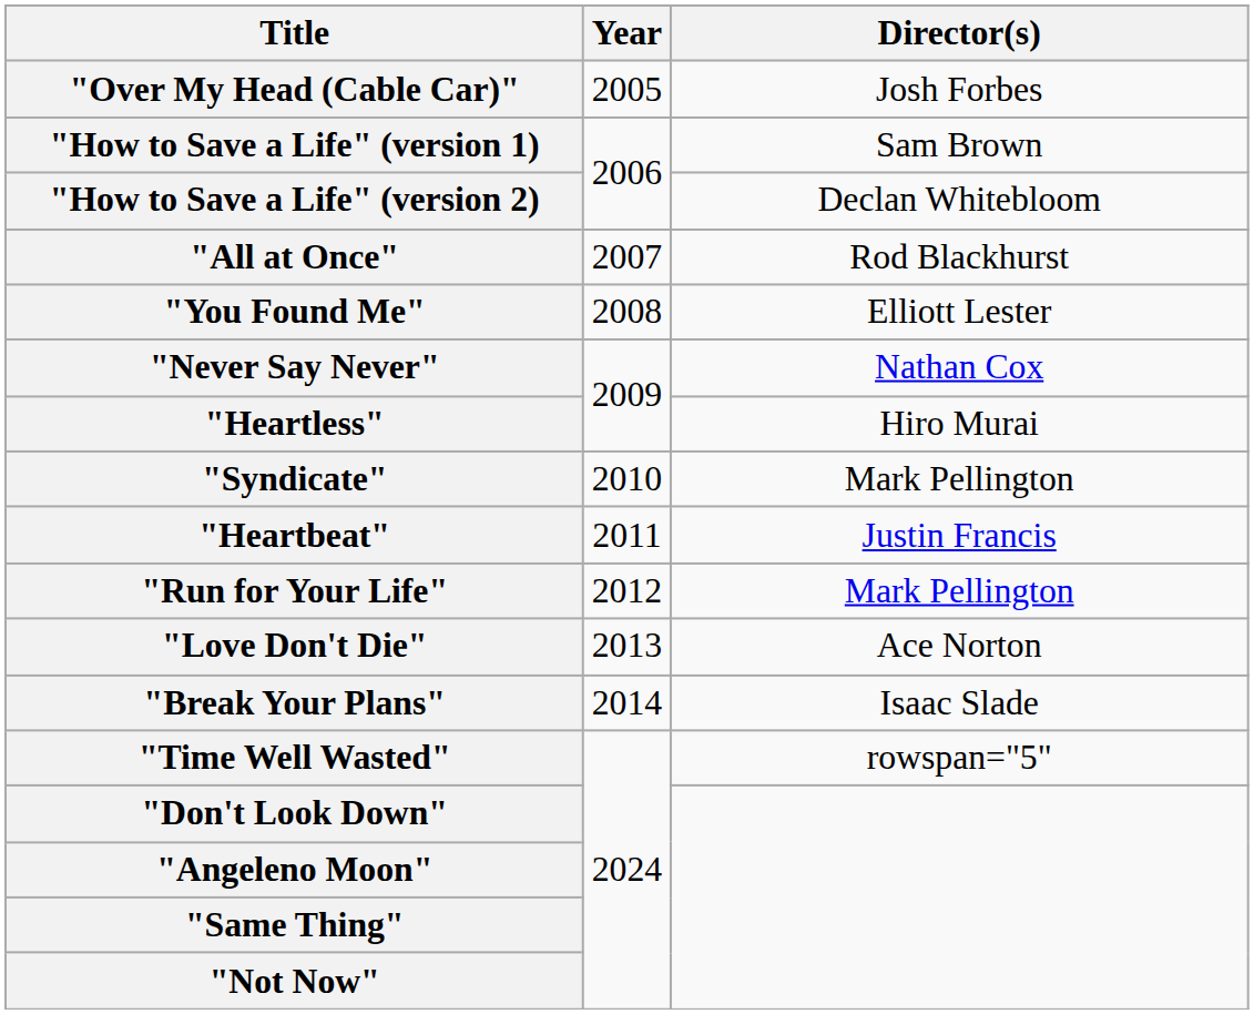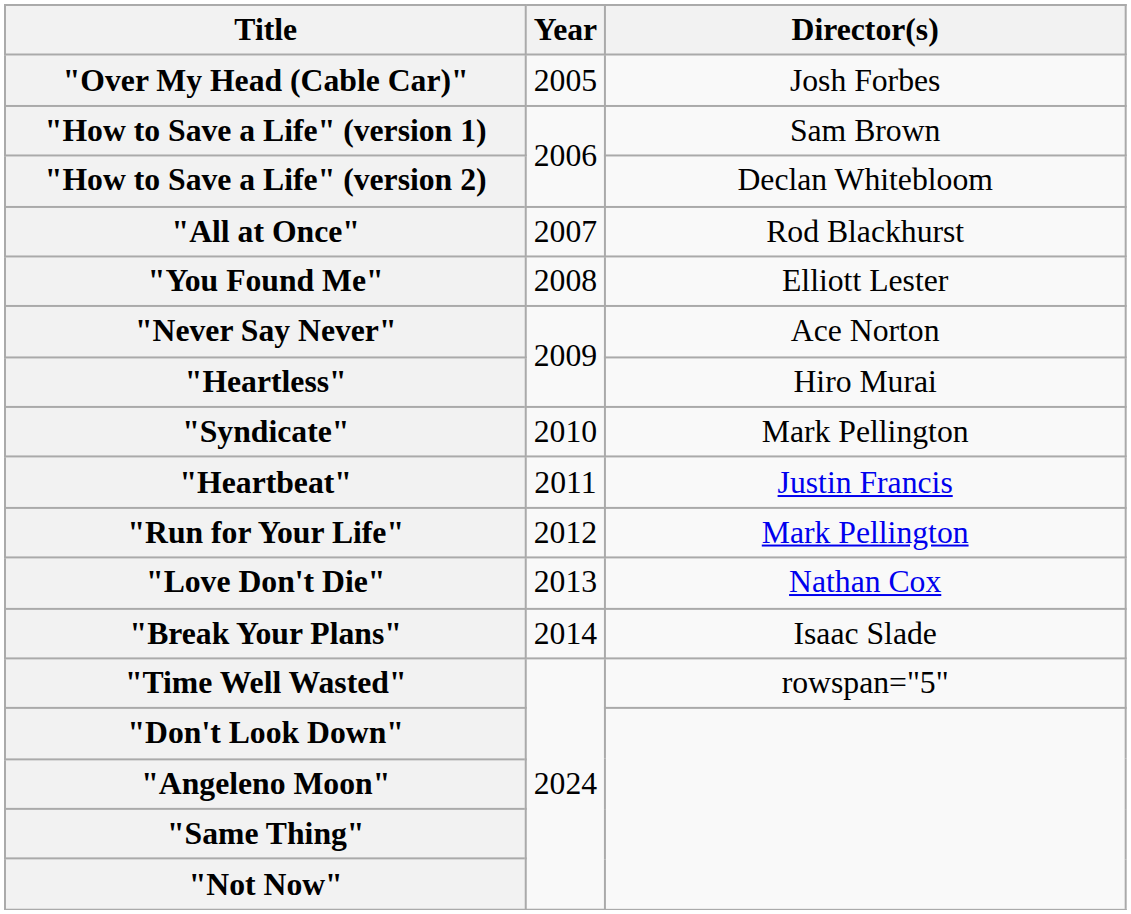 <table class="wikitable plainrowheaders" style="text-align:center;">
 <tr>
 <th scope="col" style="width:16em;">Title</th>
 <th scope="col">Year</th>
 <th scope="col" style="width:16em;">Director(s)</th>
 </tr>
 <tr>
 <th scope="row">"Over My Head (Cable Car)"</th>
 <td>2005</td>
 <td>Josh Forbes</td>
 </tr>
 <tr>
 <th scope="row">"How to Save a Life" (version 1)</th>
 <td rowspan="2">2006</td>
 <td>Sam Brown</td>
 </tr>
 <tr>
 <th scope="row">"How to Save a Life" (version 2)</th>
 <td>Declan Whitebloom</td>
 </tr>
 <tr>
 <th scope="row">"All at Once"</th>
 <td>2007</td>
 <td>Rod Blackhurst</td>
 </tr>
 <tr>
 <th scope="row">"You Found Me"</th>
 <td>2008</td>
 <td>Elliott Lester</td>
 </tr>
 <tr>
 <th scope="row">"Never Say Never"</th>
 <td rowspan="2">2009</td>
-<td><a href='#'>Nathan Cox</a></td>
+<td>Ace Norton</td>
 </tr>
 <tr>
 <th scope="row">"Heartless"</th>
 <td>Hiro Murai</td>
 </tr>
 <tr>
 <th scope="row">"Syndicate"</th>
 <td>2010</td>
 <td>Mark Pellington</td>
 </tr>
 <tr>
 <th scope="row">"Heartbeat"</th>
 <td>2011</td>
 <td><a href='#'>Justin Francis</a></td>
 </tr>
 <tr>
 <th scope="row">"Run for Your Life"</th>
 <td>2012</td>
 <td><a href='#'>Mark Pellington</a></td>
 </tr>
 <tr>
 <th scope="row">"Love Don't Die"</th>
 <td>2013</td>
-<td>Ace Norton</td>
+<td><a href='#'>Nathan Cox</a></td>
 </tr>
 <tr>
 <th scope="row">"Break Your Plans"</th>
 <td>2014</td>
 <td>Isaac Slade</td>
 </tr>
 <tr>
 <th scope="row">"Time Well Wasted"</th>
 <td rowspan="5">2024</td>
 <td>rowspan="5" </td>
 </tr>
 <tr>
 <th scope="row">"Don't Look Down"</th>
 </tr>
 <tr>
 <th scope="row">"Angeleno Moon"</th>
 </tr>
 <tr>
 <th scope="row">"Same Thing"</th>
 </tr>
 <tr>
 <th scope="row">"Not Now"</th>
 </tr>
 <tr>
 </tr>
 </table>
